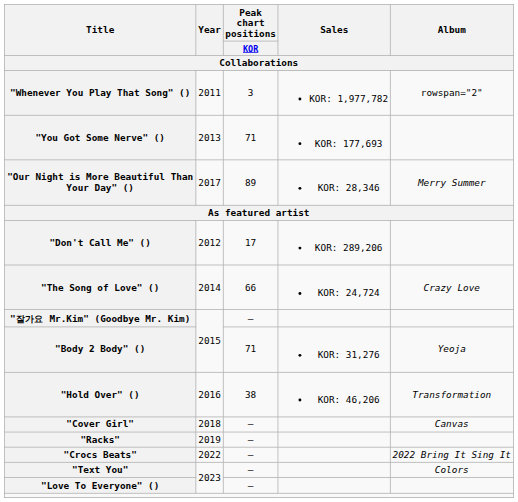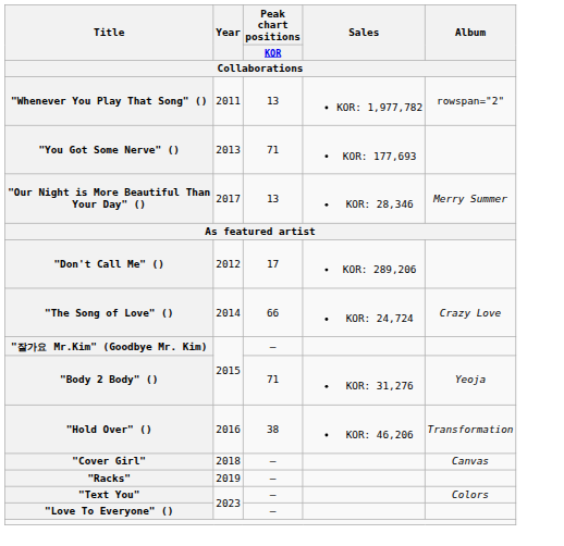 <table class="wikitable plainrowheaders" style="text-align:center">
 <tr>
 <th scope="col" rowspan="2" style="width:20em">Title</th>
 <th scope="col" rowspan="2">Year</th>
 <th scope="col" colspan="1">Peak chart positions</th>
 <th scope="col" rowspan="2">Sales</th>
 <th scope="col" rowspan="2">Album</th>
 </tr>
 <tr>
 <th scope="col" style="width:2.5em;font-size:90%"><a href='#'>KOR</a><br></th>
 </tr>
 <tr>
 <th scope="col" colspan="5">Collaborations</th>
 </tr>
 <tr>
 <th scope="row">"Whenever You Play That Song" () </th>
 <td>2011</td>
-<td>3</td>
+<td>13</td>
 <td><br><ul><li>KOR: 1,977,782</li></ul></td>
 <td>rowspan="2" </td>
 </tr>
 <tr>
 <th scope="row">"You Got Some Nerve" () </th>
 <td>2013</td>
 <td>71</td>
 <td><br><ul><li>KOR: 177,693</li></ul></td>
 </tr>
 <tr>
 <th scope="row">"Our Night is More Beautiful Than Your Day" () </th>
 <td>2017</td>
-<td>89</td>
+<td>13</td>
 <td><br><ul><li>KOR: 28,346</li></ul></td>
 <td><em>Merry Summer</em></td>
 </tr>
 <tr>
 <th scope="col" colspan="5">As featured artist</th>
 </tr>
 <tr>
 <th scope="row">"Don't Call Me" () </th>
 <td>2012</td>
 <td>17</td>
 <td><br><ul><li>KOR: 289,206</li></ul></td>
 <td></td>
 </tr>
 <tr>
 <th scope="row">"The Song of Love" () </th>
 <td>2014</td>
 <td>66</td>
 <td><br><ul><li>KOR: 24,724</li></ul></td>
 <td><em>Crazy Love</em></td>
 </tr>
 <tr>
 <th scope="row">"잘가요 Mr.Kim" (Goodbye Mr. Kim) </th>
 <td rowspan="2">2015</td>
 <td>—</td>
 <td></td>
 <td></td>
 </tr>
 <tr>
 <th scope="row">"Body 2 Body" () </th>
 <td>71</td>
 <td><br><ul><li>KOR: 31,276</li></ul></td>
 <td><em>Yeoja</em></td>
 </tr>
 <tr>
 <th scope="row">"Hold Over" () </th>
 <td>2016</td>
 <td>38</td>
 <td><br><ul><li>KOR: 46,206</li></ul></td>
 <td><em>Transformation</em></td>
 </tr>
 <tr>
 <th scope="row">"Cover Girl" </th>
 <td>2018</td>
 <td>—</td>
 <td></td>
 <td><em>Canvas</em></td>
 </tr>
 <tr>
 <th scope="row">"Racks" </th>
 <td>2019</td>
 <td>—</td>
 <td></td>
 <td></td>
 </tr>
 <tr>
-<th scope="row">"Crocs Beats" </th>
-<td>2022</td>
-<td>—</td>
-<td></td>
-<td><em>2022 Bring It Sing It</em></td>
-</tr>
-<tr>
 <th scope="row">"Text You" </th>
 <td rowspan="2">2023</td>
 <td>—</td>
 <td></td>
 <td><em>Colors</em></td>
 </tr>
 <tr>
 <th scope="row">"Love To Everyone" () </th>
 <td>—</td>
 <td></td>
 <td></td>
 </tr>
 <tr>
 <td colspan="5" style="text-align:center"></td>
 </tr>
 </table>
